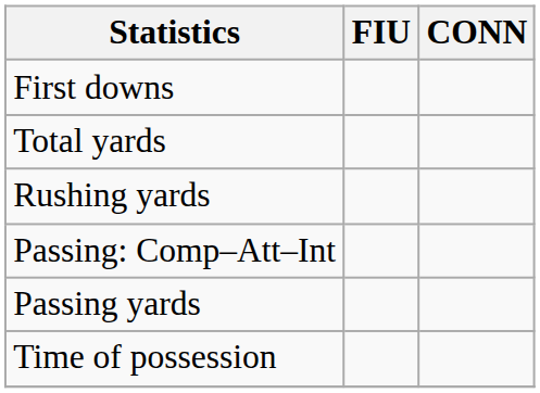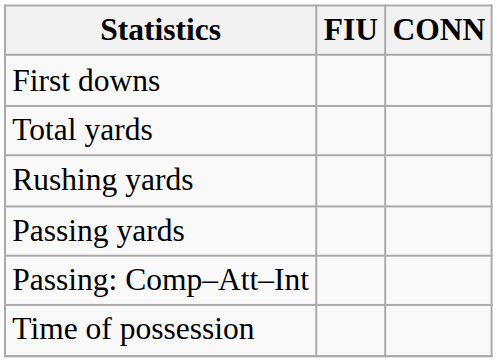 <table class="wikitable" style="float: left;">
 <tr>
 <th>Statistics</th>
 <th>FIU</th>
 <th>CONN</th>
 </tr>
 <tr>
 <td>First downs</td>
 <td></td>
 <td></td>
 </tr>
 <tr>
 <td>Total yards</td>
 <td></td>
 <td></td>
 </tr>
 <tr>
 <td>Rushing yards</td>
 <td></td>
 <td></td>
 </tr>
 <tr>
-<td>Passing: Comp–Att–Int</td>
+<td>Passing yards</td>
 <td></td>
 <td></td>
 </tr>
 <tr>
-<td>Passing yards</td>
+<td>Passing: Comp–Att–Int</td>
 <td></td>
 <td></td>
 </tr>
 <tr>
 <td>Time of possession</td>
 <td></td>
 <td></td>
 </tr>
 <tr>
 </tr>
 </table>
